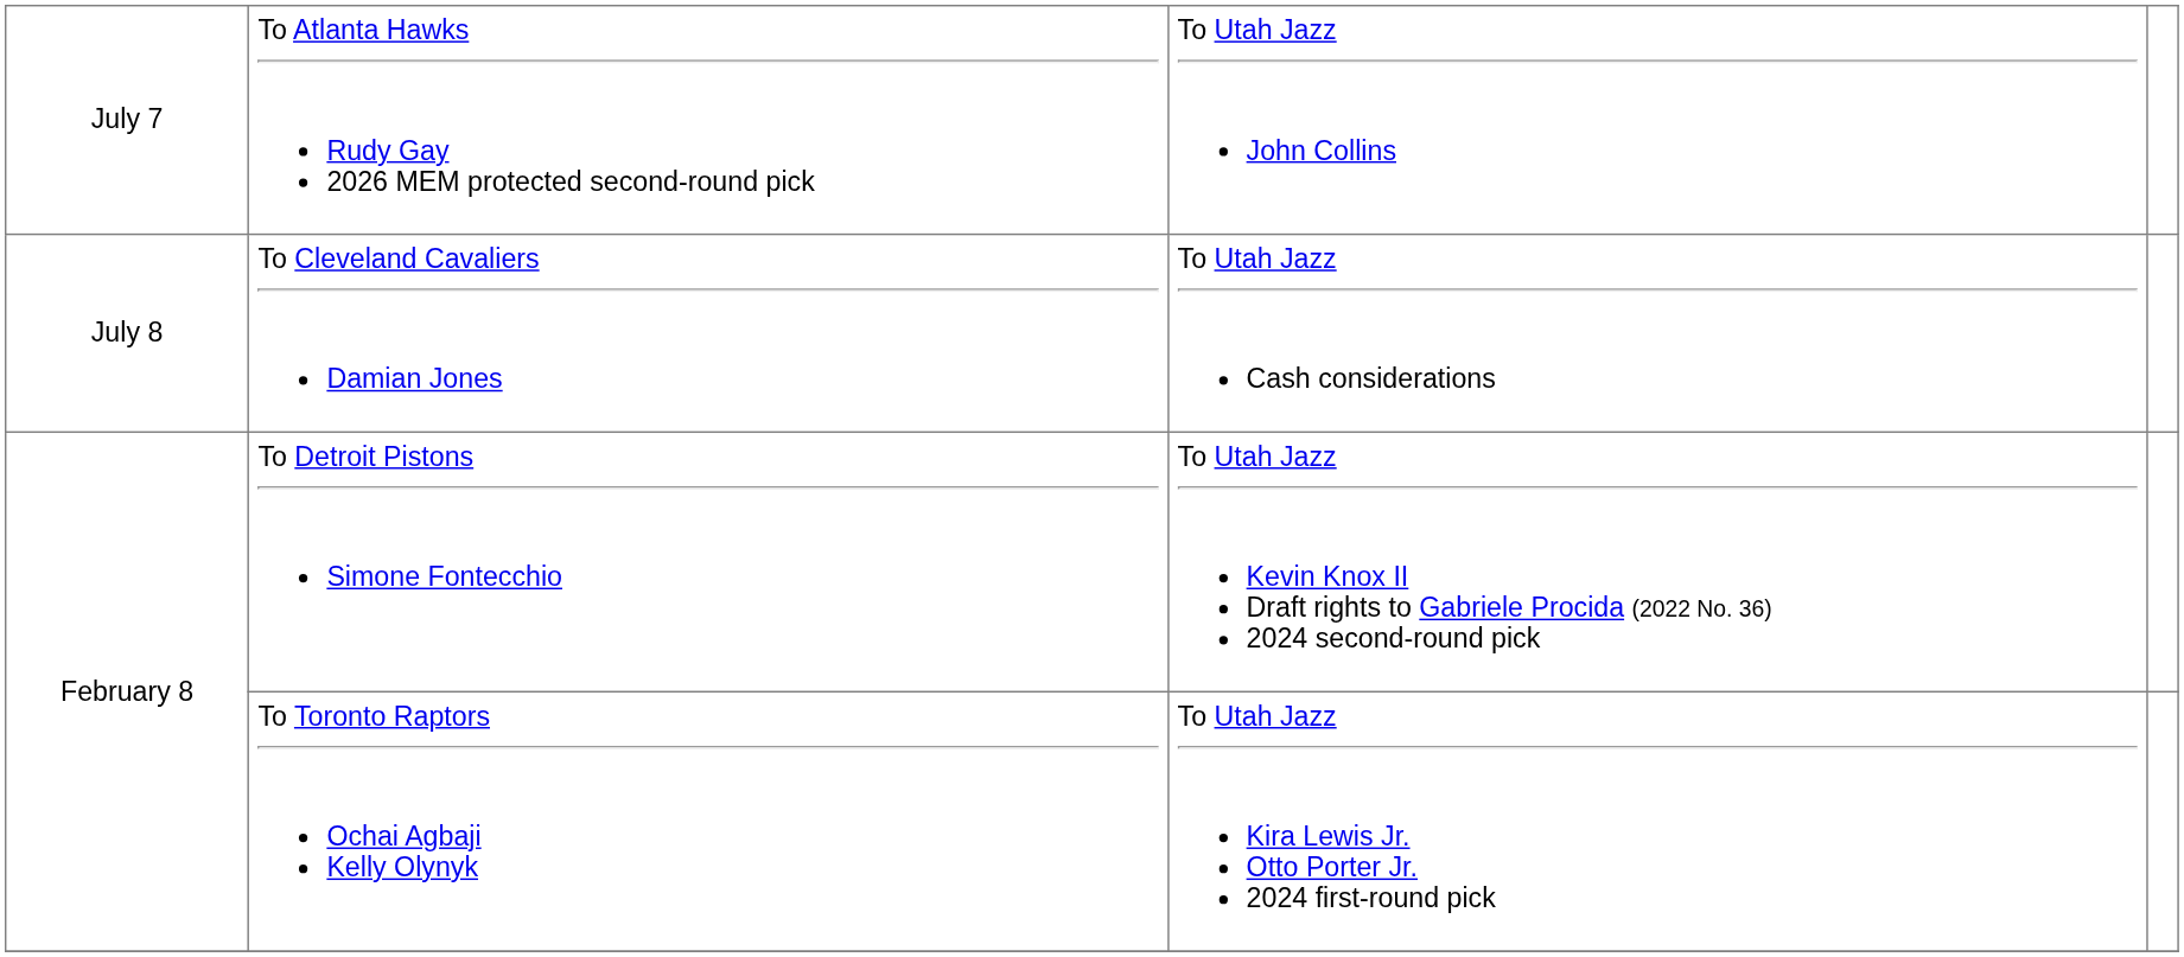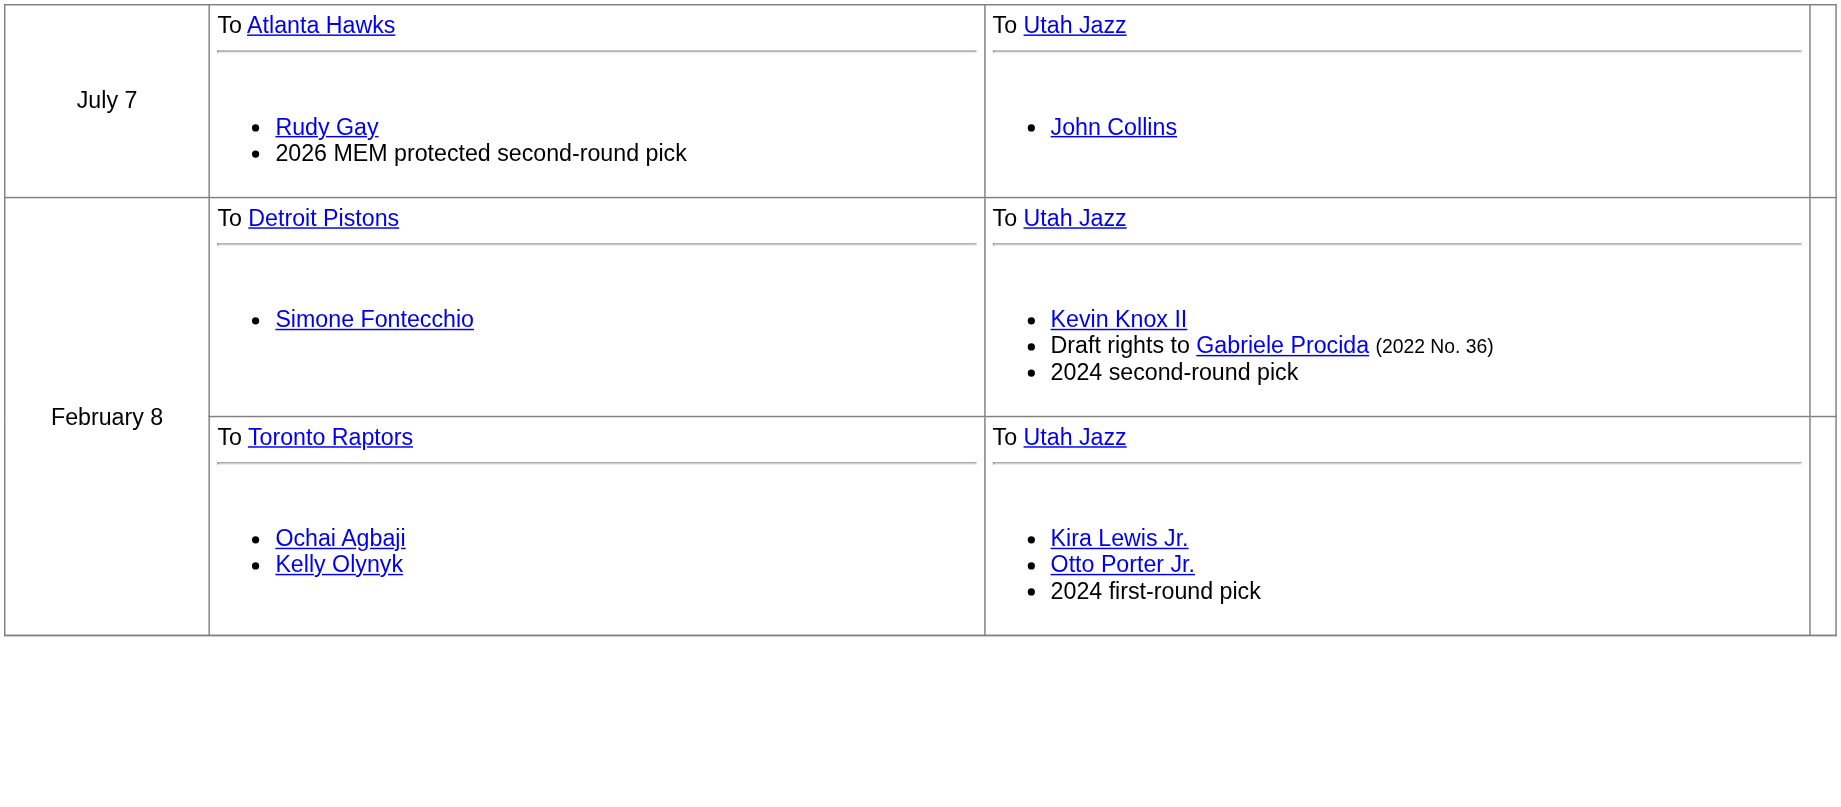 <table border="1" style="border-collapse:collapse; text-align:center; width:100%;"  cellpadding="5">
 <tr>
 <td rowspan=1>July 7</td>
 <td align="left" valign="top">To <a href='#'>Atlanta Hawks</a><hr><br><ul><li><a href='#'>Rudy Gay</a></li><li>2026 MEM protected second-round pick</li></ul></td>
 <td align="left" valign="top">To <a href='#'>Utah Jazz</a><hr><br><ul><li><a href='#'>John Collins</a></li></ul></td>
-<td></td>
-</tr>
-<tr>
-<td rowspan=1>July 8</td>
-<td align="left" valign="top">To <a href='#'>Cleveland Cavaliers</a><hr><br><ul><li><a href='#'>Damian Jones</a></li></ul></td>
-<td align="left" valign="top">To <a href='#'>Utah Jazz</a><hr><br><ul><li>Cash considerations</li></ul></td>
 <td></td>
 </tr>
 <tr>
 <td rowspan=2>February 8</td>
 <td align="left" valign="top">To <a href='#'>Detroit Pistons</a><hr><br><ul><li><a href='#'>Simone Fontecchio</a></li></ul></td>
 <td align="left" valign="top">To <a href='#'>Utah Jazz</a><hr><br><ul><li><a href='#'>Kevin Knox II</a></li><li>Draft rights to <a href='#'>Gabriele Procida</a> <small>(2022 No. 36)</small></li><li>2024 second-round pick</li></ul></td>
 <td></td>
 </tr>
 <tr>
 <td align="left" valign="top">To <a href='#'>Toronto Raptors</a><hr><br><ul><li><a href='#'>Ochai Agbaji</a></li><li><a href='#'>Kelly Olynyk</a></li></ul></td>
 <td align="left" valign="top">To <a href='#'>Utah Jazz</a><hr><br><ul><li><a href='#'>Kira Lewis Jr.</a></li><li><a href='#'>Otto Porter Jr.</a></li><li>2024 first-round pick</li></ul></td>
 <td></td>
 </tr>
 <tr>
 </tr>
 </table>
